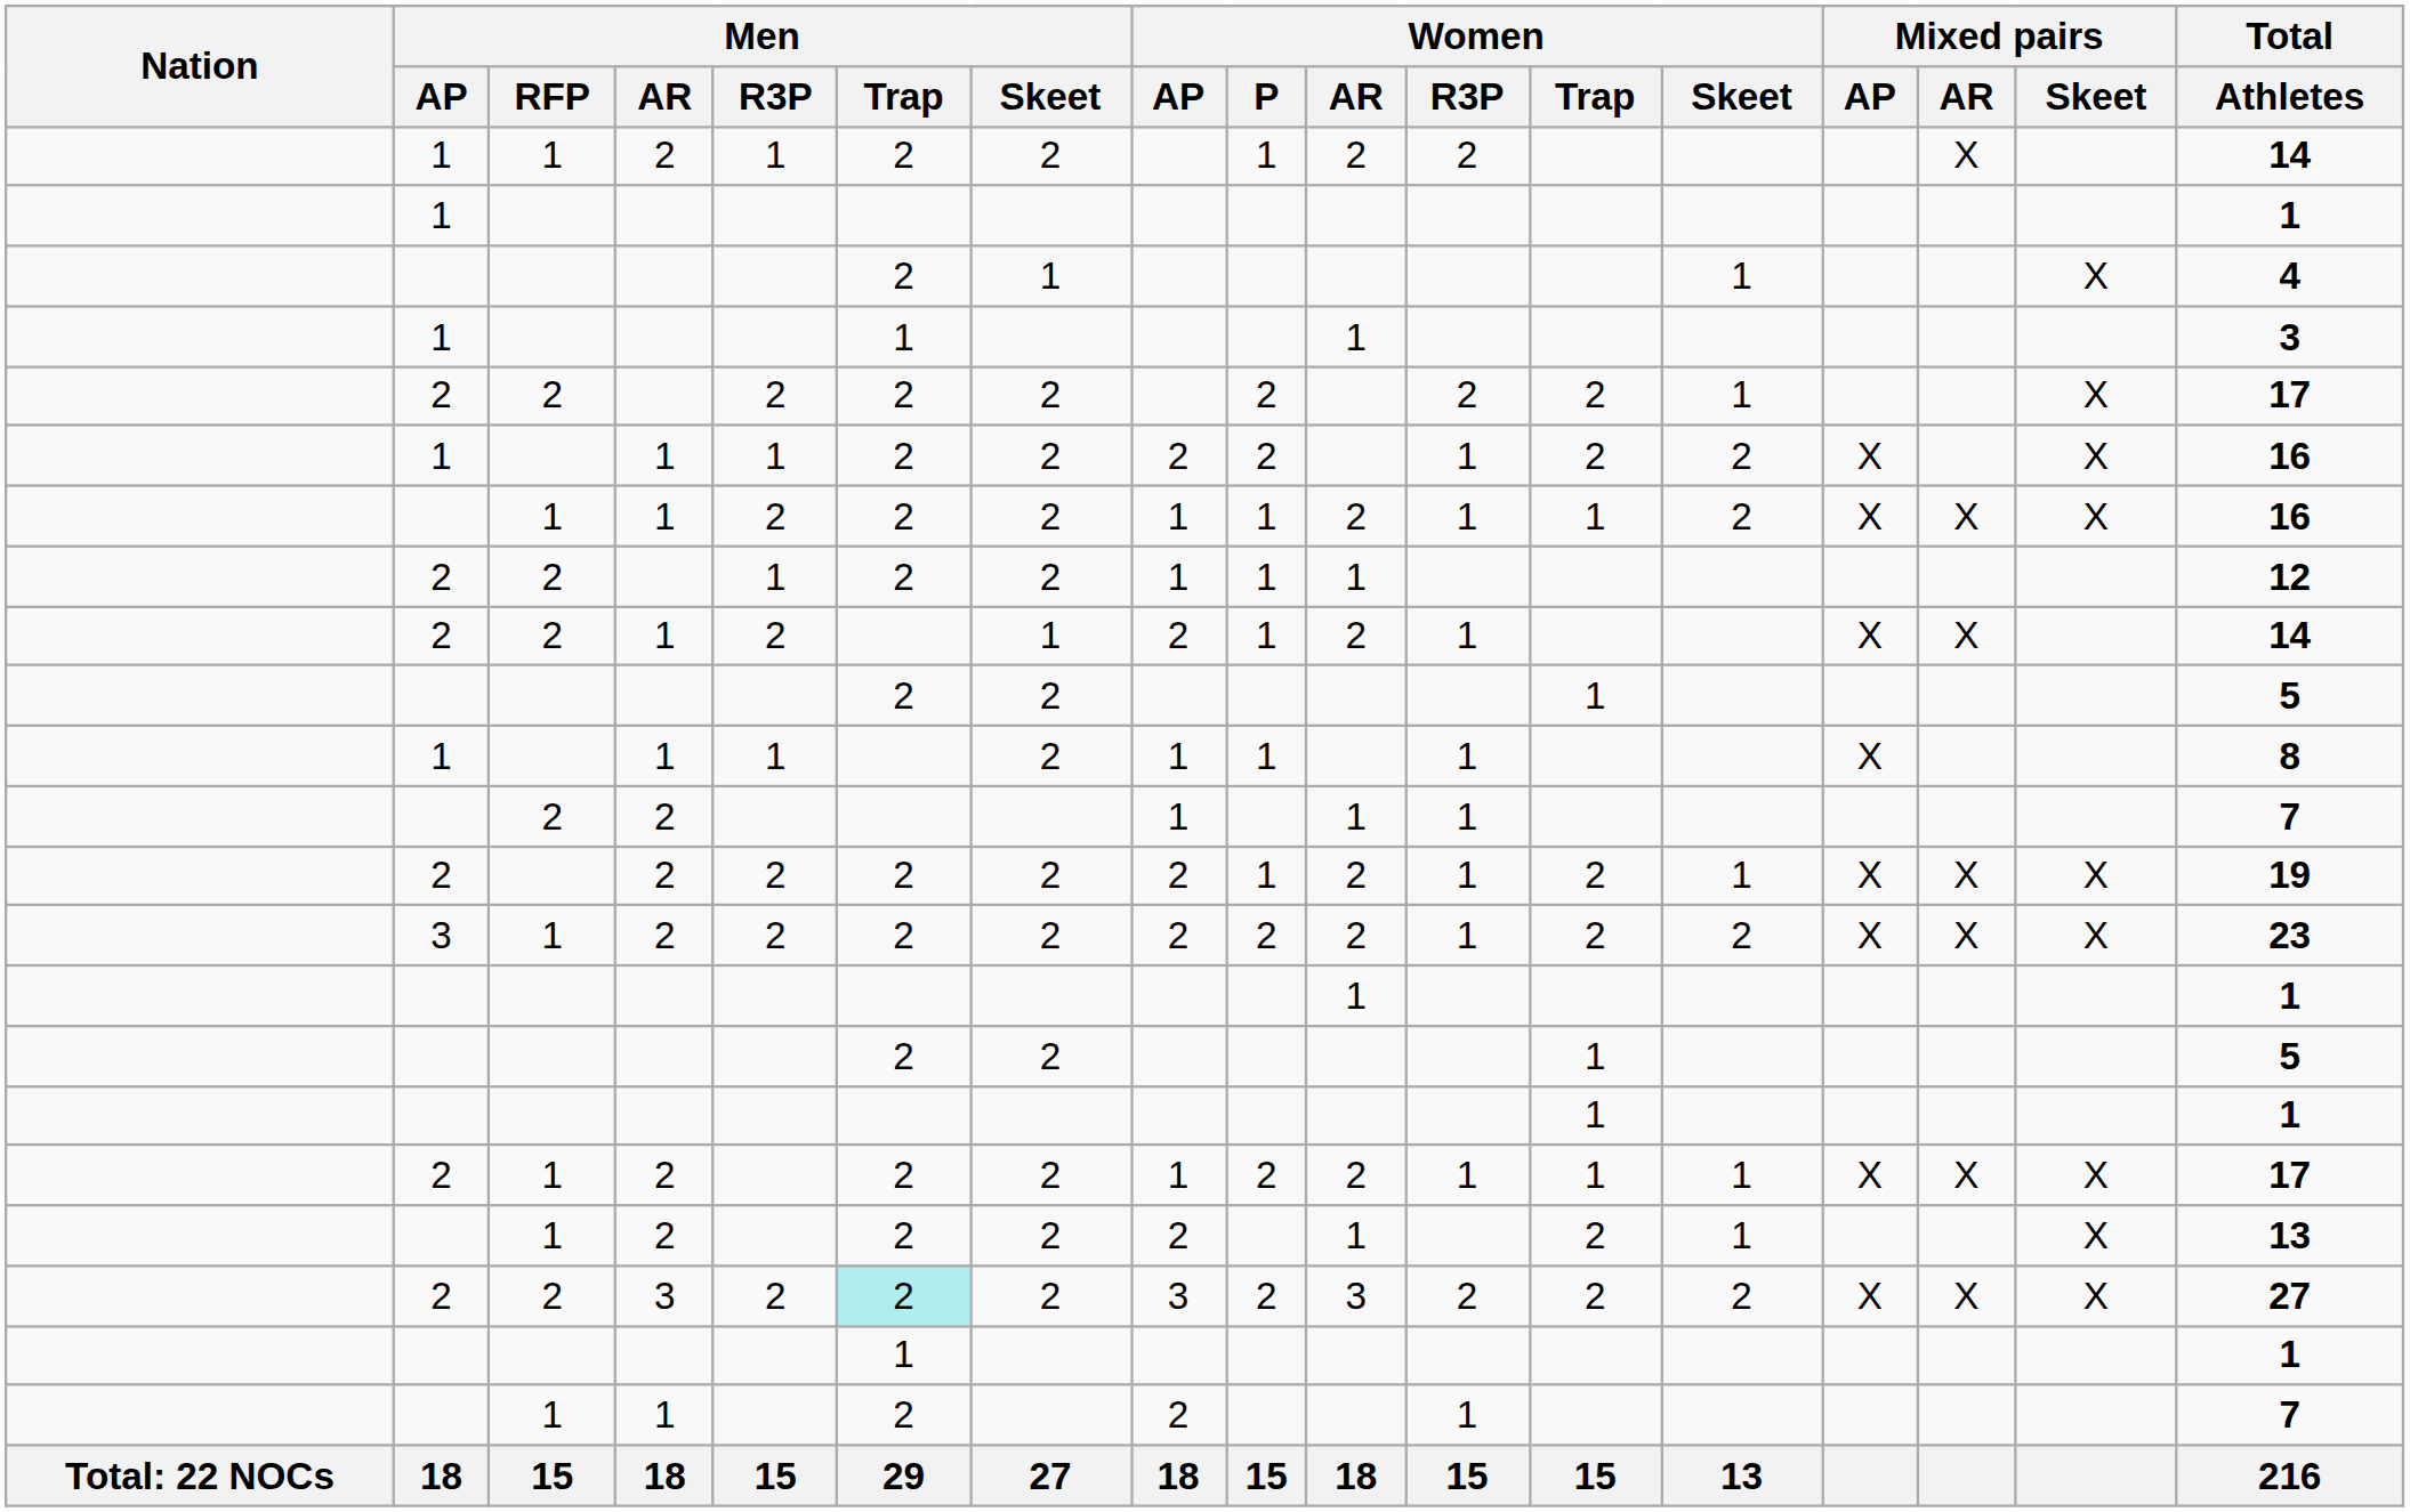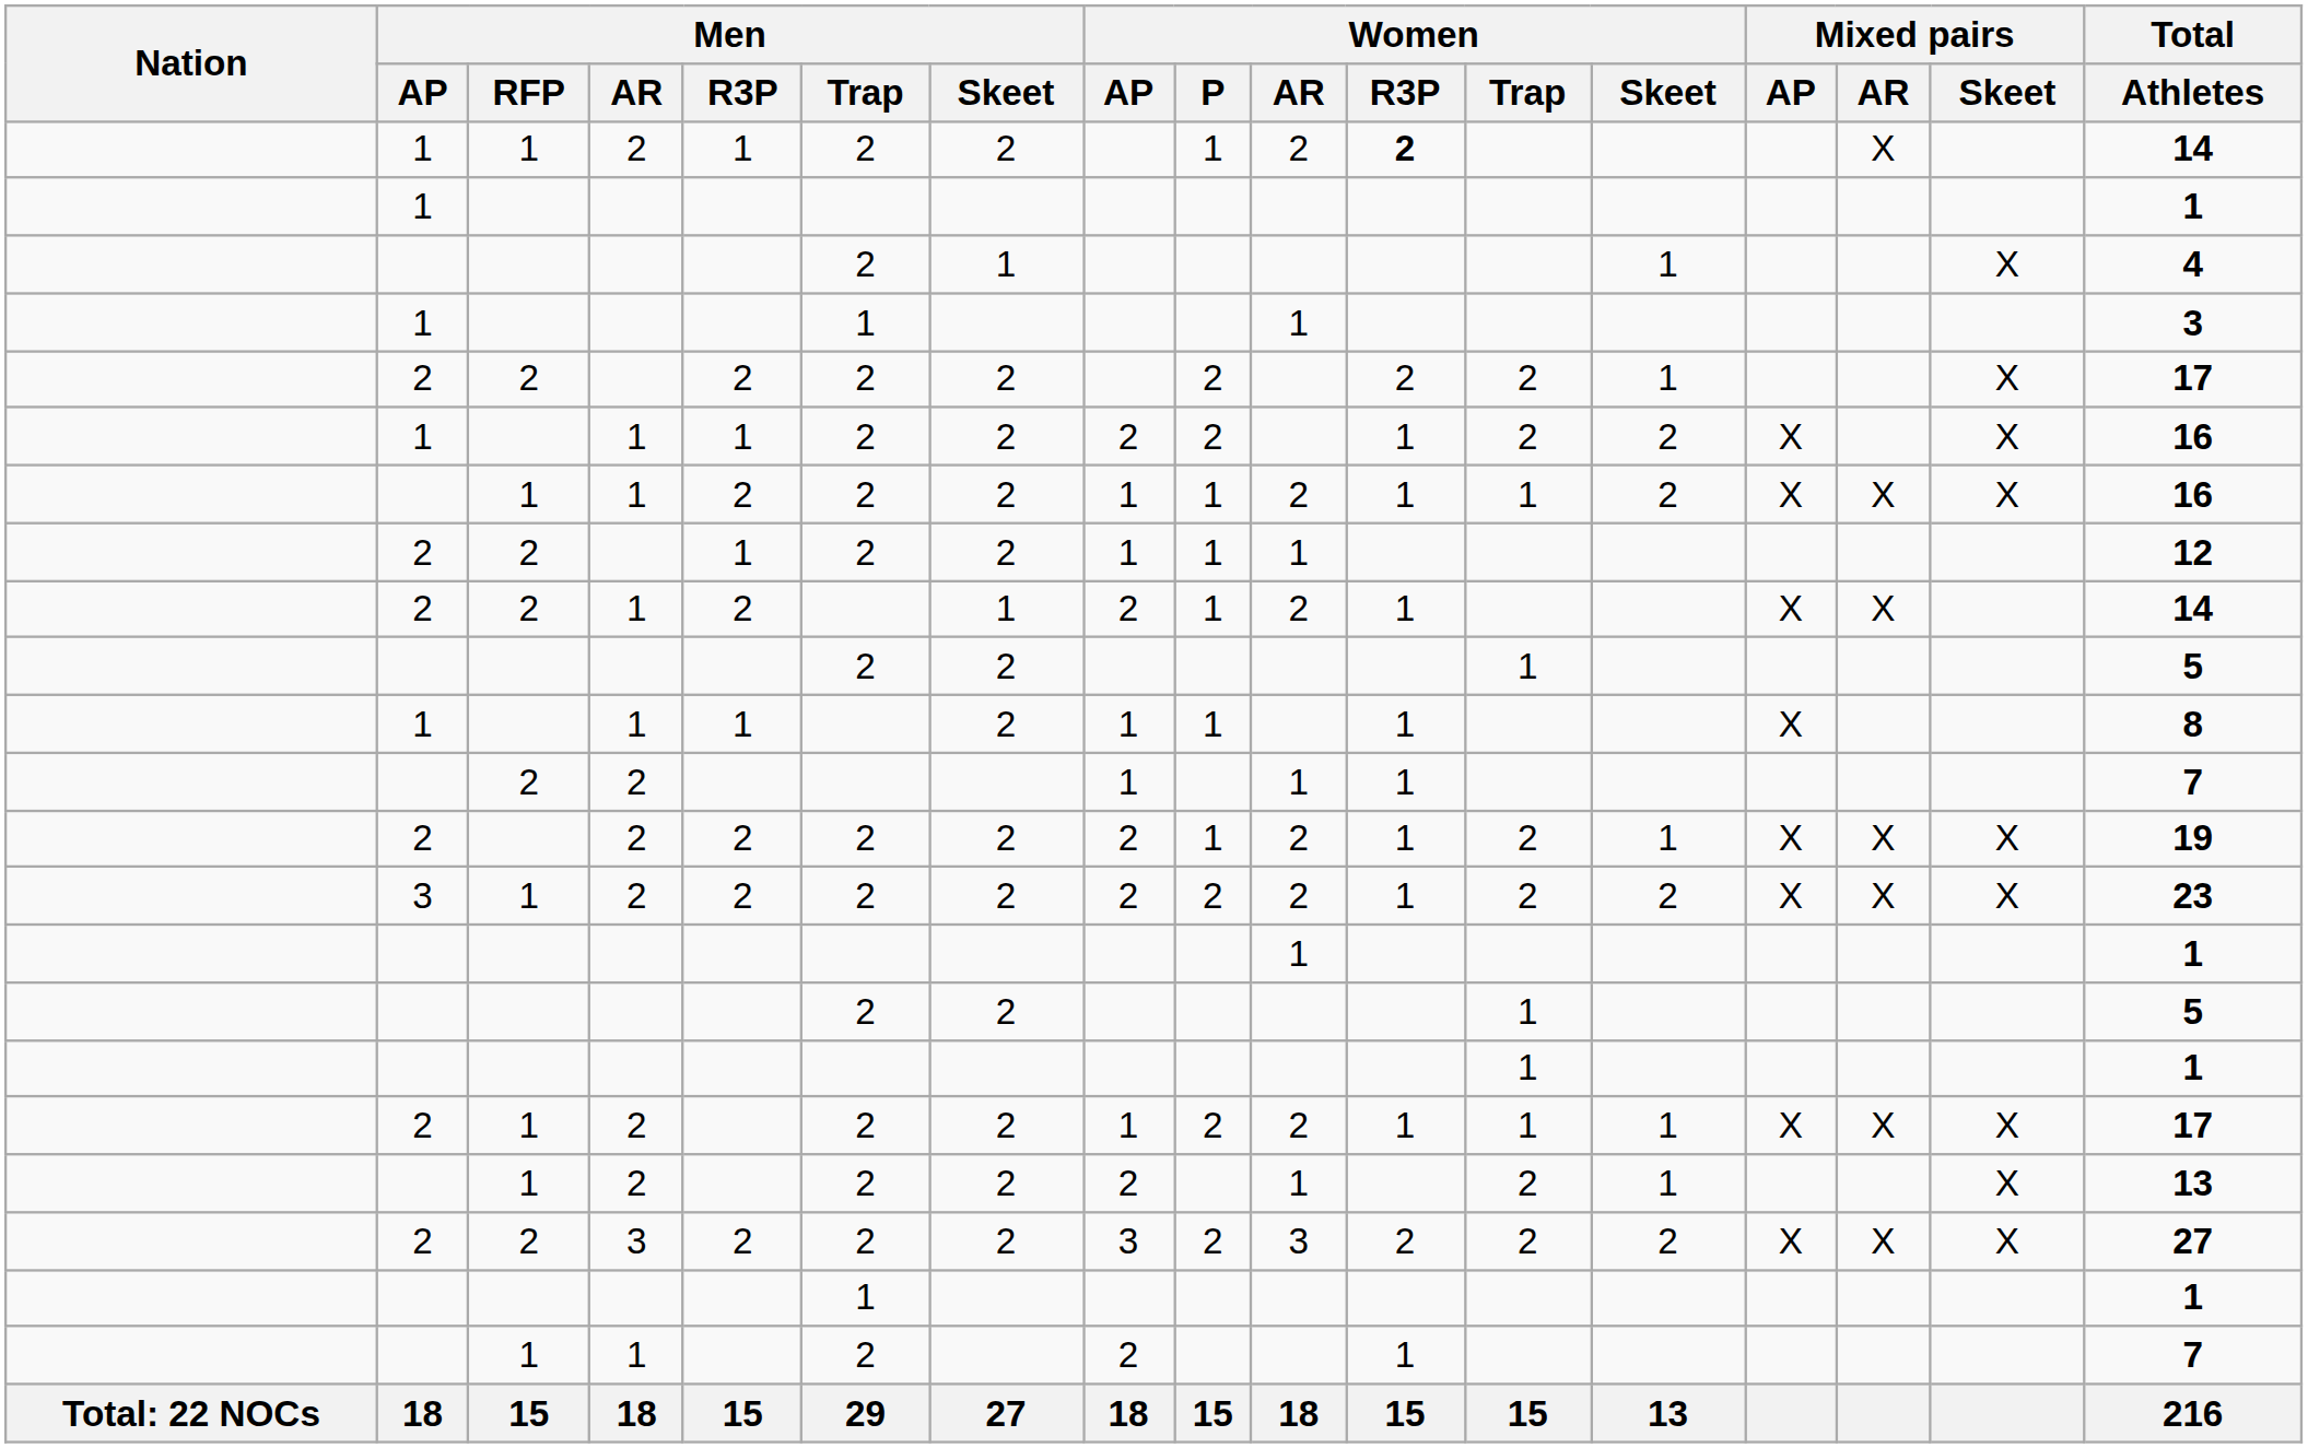 <table class="wikitable" width=910 style="text-align:center; font-size:90%">
 <tr>
 <th rowspan="2" align="left">Nation</th>
 <th colspan="6">Men</th>
 <th colspan="6">Women</th>
 <th colspan="3">Mixed pairs</th>
 <th colspan="2">Total</th>
 </tr>
 <tr>
 <th>AP</th>
 <th>RFP</th>
 <th>AR</th>
 <th>R3P</th>
 <th>Trap</th>
 <th>Skeet</th>
 <th>AP</th>
 <th>P</th>
 <th>AR</th>
 <th>R3P</th>
 <th>Trap</th>
 <th>Skeet</th>
 <th>AP</th>
 <th>AR</th>
 <th>Skeet</th>
 <th>Athletes</th>
 </tr>
 <tr>
 <td align="left"></td>
 <td>1</td>
 <td>1</td>
 <td>2</td>
 <td>1</td>
 <td>2</td>
 <td>2</td>
 <td></td>
 <td>1</td>
 <td>2</td>
-<td>2</td>
+<td><strong>2</strong></td>
 <td></td>
 <td></td>
 <td></td>
 <td>X</td>
 <td></td>
 <td><strong>14</strong></td>
 </tr>
 <tr>
 <td align="left"></td>
 <td>1</td>
 <td></td>
 <td></td>
 <td></td>
 <td></td>
 <td></td>
 <td></td>
 <td></td>
 <td></td>
 <td></td>
 <td></td>
 <td></td>
 <td></td>
 <td></td>
 <td></td>
 <td><strong>1</strong></td>
 </tr>
 <tr>
 <td align="left"></td>
 <td></td>
 <td></td>
 <td></td>
 <td></td>
 <td>2</td>
 <td>1</td>
 <td></td>
 <td></td>
 <td></td>
 <td></td>
 <td></td>
 <td>1</td>
 <td></td>
 <td></td>
 <td>X</td>
 <td><strong>4</strong></td>
 </tr>
 <tr>
 <td align="left"></td>
 <td>1</td>
 <td></td>
 <td></td>
 <td></td>
 <td>1</td>
 <td></td>
 <td></td>
 <td></td>
 <td>1</td>
 <td></td>
 <td></td>
 <td></td>
 <td></td>
 <td></td>
 <td></td>
 <td><strong>3</strong></td>
 </tr>
 <tr>
 <td align="left"></td>
 <td>2</td>
 <td>2</td>
 <td></td>
 <td>2</td>
 <td>2</td>
 <td>2</td>
 <td></td>
 <td>2</td>
 <td></td>
 <td>2</td>
 <td>2</td>
 <td>1</td>
 <td></td>
 <td></td>
 <td>X</td>
 <td><strong>17</strong></td>
 </tr>
 <tr>
 <td align="left"></td>
 <td>1</td>
 <td></td>
 <td>1</td>
 <td>1</td>
 <td>2</td>
 <td>2</td>
 <td>2</td>
 <td>2</td>
 <td></td>
 <td>1</td>
 <td>2</td>
 <td>2</td>
 <td>X</td>
 <td></td>
 <td>X</td>
 <td><strong>16</strong></td>
 </tr>
 <tr>
 <td align="left"></td>
 <td></td>
 <td>1</td>
 <td>1</td>
 <td>2</td>
 <td>2</td>
 <td>2</td>
 <td>1</td>
 <td>1</td>
 <td>2</td>
 <td>1</td>
 <td>1</td>
 <td>2</td>
 <td>X</td>
 <td>X</td>
 <td>X</td>
 <td><strong>16</strong></td>
 </tr>
 <tr>
 <td align="left"></td>
 <td>2</td>
 <td>2</td>
 <td></td>
 <td>1</td>
 <td>2</td>
 <td>2</td>
 <td>1</td>
 <td>1</td>
 <td>1</td>
 <td></td>
 <td></td>
 <td></td>
 <td></td>
 <td></td>
 <td></td>
 <td><strong>12</strong></td>
 </tr>
 <tr>
 <td align="left"></td>
 <td>2</td>
 <td>2</td>
 <td>1</td>
 <td>2</td>
 <td></td>
 <td>1</td>
 <td>2</td>
 <td>1</td>
 <td>2</td>
 <td>1</td>
 <td></td>
 <td></td>
 <td>X</td>
 <td>X</td>
 <td></td>
 <td><strong>14</strong></td>
 </tr>
 <tr>
 <td align="left"></td>
 <td></td>
 <td></td>
 <td></td>
 <td></td>
 <td>2</td>
 <td>2</td>
 <td></td>
 <td></td>
 <td></td>
 <td></td>
 <td>1</td>
 <td></td>
 <td></td>
 <td></td>
 <td></td>
 <td><strong>5</strong></td>
 </tr>
 <tr>
 <td align="left"></td>
 <td>1</td>
 <td></td>
 <td>1</td>
 <td>1</td>
 <td></td>
 <td>2</td>
 <td>1</td>
 <td>1</td>
 <td></td>
 <td>1</td>
 <td></td>
 <td></td>
 <td>X</td>
 <td></td>
 <td></td>
 <td><strong>8</strong></td>
 </tr>
 <tr>
 <td align="left"></td>
 <td></td>
 <td>2</td>
 <td>2</td>
 <td></td>
 <td></td>
 <td></td>
 <td>1</td>
 <td></td>
 <td>1</td>
 <td>1</td>
 <td></td>
 <td></td>
 <td></td>
 <td></td>
 <td></td>
 <td><strong>7</strong></td>
 </tr>
 <tr>
 <td align="left"></td>
 <td>2</td>
 <td></td>
 <td>2</td>
 <td>2</td>
 <td>2</td>
 <td>2</td>
 <td>2</td>
 <td>1</td>
 <td>2</td>
 <td>1</td>
 <td>2</td>
 <td>1</td>
 <td>X</td>
 <td>X</td>
 <td>X</td>
 <td><strong>19</strong></td>
 </tr>
 <tr>
 <td align="left"></td>
 <td>3</td>
 <td>1</td>
 <td>2</td>
 <td>2</td>
 <td>2</td>
 <td>2</td>
 <td>2</td>
 <td>2</td>
 <td>2</td>
 <td>1</td>
 <td>2</td>
 <td>2</td>
 <td>X</td>
 <td>X</td>
 <td>X</td>
 <td><strong>23</strong></td>
 </tr>
 <tr>
 <td align="left"></td>
 <td></td>
 <td></td>
 <td></td>
 <td></td>
 <td></td>
 <td></td>
 <td></td>
 <td></td>
 <td>1</td>
 <td></td>
 <td></td>
 <td></td>
 <td></td>
 <td></td>
 <td></td>
 <td><strong>1</strong></td>
 </tr>
 <tr>
 <td align="left"></td>
 <td></td>
 <td></td>
 <td></td>
 <td></td>
 <td>2</td>
 <td>2</td>
 <td></td>
 <td></td>
 <td></td>
 <td></td>
 <td>1</td>
 <td></td>
 <td></td>
 <td></td>
 <td></td>
 <td><strong>5</strong></td>
 </tr>
 <tr>
 <td align="left"></td>
 <td></td>
 <td></td>
 <td></td>
 <td></td>
 <td></td>
 <td></td>
 <td></td>
 <td></td>
 <td></td>
 <td></td>
 <td>1</td>
 <td></td>
 <td></td>
 <td></td>
 <td></td>
 <td><strong>1</strong></td>
 </tr>
 <tr>
 <td align="left"></td>
 <td>2</td>
 <td>1</td>
 <td>2</td>
 <td></td>
 <td>2</td>
 <td>2</td>
 <td>1</td>
 <td>2</td>
 <td>2</td>
 <td>1</td>
 <td>1</td>
 <td>1</td>
 <td>X</td>
 <td>X</td>
 <td>X</td>
 <td><strong>17</strong></td>
 </tr>
 <tr>
 <td align="left"></td>
 <td></td>
 <td>1</td>
 <td>2</td>
 <td></td>
 <td>2</td>
 <td>2</td>
 <td>2</td>
 <td></td>
 <td>1</td>
 <td></td>
 <td>2</td>
 <td>1</td>
 <td></td>
 <td></td>
 <td>X</td>
 <td><strong>13</strong></td>
 </tr>
 <tr>
 <td align="left"></td>
 <td>2</td>
 <td>2</td>
 <td>3</td>
 <td>2</td>
-<td style="background: paleturquoise;">2</td>
+<td>2</td>
 <td>2</td>
 <td>3</td>
 <td>2</td>
 <td>3</td>
 <td>2</td>
 <td>2</td>
 <td>2</td>
 <td>X</td>
 <td>X</td>
 <td>X</td>
 <td><strong>27</strong></td>
 </tr>
 <tr>
 <td align="left"></td>
 <td></td>
 <td></td>
 <td></td>
 <td></td>
 <td>1</td>
 <td></td>
 <td></td>
 <td></td>
 <td></td>
 <td></td>
 <td></td>
 <td></td>
 <td></td>
 <td></td>
 <td></td>
 <td><strong>1</strong></td>
 </tr>
 <tr>
 <td align="left"></td>
 <td></td>
 <td>1</td>
 <td>1</td>
 <td></td>
 <td>2</td>
 <td></td>
 <td>2</td>
 <td></td>
 <td></td>
 <td>1</td>
 <td></td>
 <td></td>
 <td></td>
 <td></td>
 <td></td>
 <td><strong>7</strong></td>
 </tr>
 <tr>
 <th>Total: 22 NOCs</th>
 <th>18</th>
 <th>15</th>
 <th>18</th>
 <th>15</th>
 <th>29</th>
 <th>27</th>
 <th>18</th>
 <th>15</th>
 <th>18</th>
 <th>15</th>
 <th>15</th>
 <th>13</th>
 <th></th>
 <th></th>
 <th></th>
 <th>216</th>
 </tr>
 </table>
